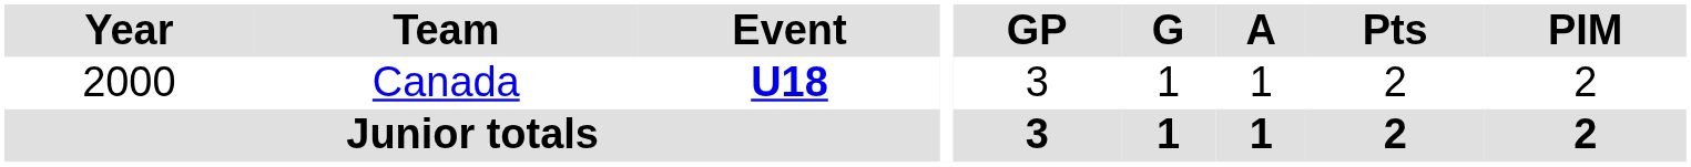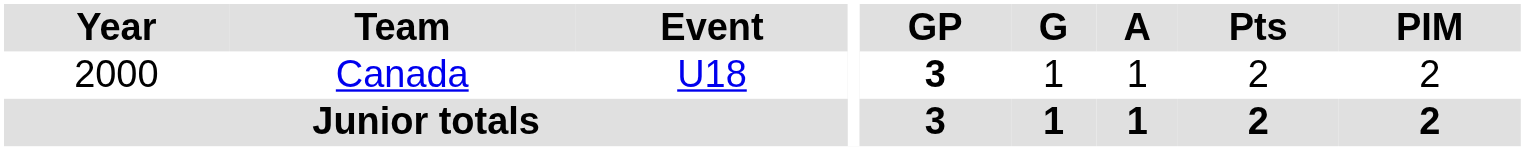 <table border="0" cellpadding="1" cellspacing="0" ID="Table3" style="text-align:center; width:40em">
 <tr ALIGN="center" bgcolor="#e0e0e0">
 <th>Year</th>
 <th>Team</th>
 <th>Event</th>
 <th rowspan="99" bgcolor="#ffffff"></th>
 <th>GP</th>
 <th>G</th>
 <th>A</th>
 <th>Pts</th>
 <th>PIM</th>
 </tr>
 <tr>
 <td>2000</td>
 <td><a href='#'>Canada</a></td>
-<td><strong><a href='#'>U18</a></strong></td>
-<td>3</td>
+<td><a href='#'>U18</a></td>
+<td><strong>3</strong></td>
 <td>1</td>
 <td>1</td>
 <td>2</td>
 <td>2</td>
 </tr>
 <tr bgcolor="#e0e0e0">
 <th colspan="3">Junior totals</th>
 <th>3</th>
 <th>1</th>
 <th>1</th>
 <th>2</th>
 <th>2</th>
 </tr>
 </table>
